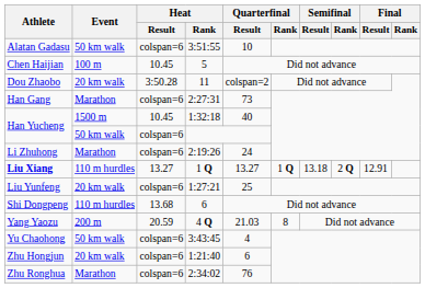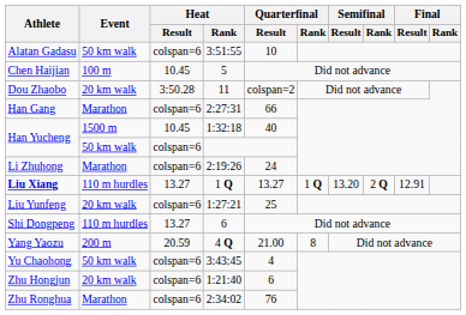 <table class=wikitable style="font-size:90%">
 <tr>
 <th rowspan="2">Athlete</th>
 <th rowspan="2">Event</th>
 <th colspan="2">Heat</th>
 <th colspan="2">Quarterfinal</th>
 <th colspan="2">Semifinal</th>
 <th colspan="2">Final</th>
 </tr>
 <tr style="font-size:95%">
 <th>Result</th>
 <th>Rank</th>
 <th>Result</th>
 <th>Rank</th>
 <th>Result</th>
 <th>Rank</th>
 <th>Result</th>
 <th>Rank</th>
 </tr>
 <tr align=center>
 <td align=left><a href='#'>Alatan Gadasu</a></td>
 <td align=left><a href='#'>50 km walk</a></td>
 <td>colspan=6 </td>
 <td>3:51:55</td>
 <td>10</td>
 </tr>
 <tr align=center>
 <td align=left><a href='#'>Chen Haijian</a></td>
 <td align=left><a href='#'>100 m</a></td>
 <td>10.45</td>
 <td>5</td>
 <td colspan=6>Did not advance</td>
 </tr>
 <tr align=center>
 <td align=left><a href='#'>Dou Zhaobo</a></td>
 <td align=left><a href='#'>20 km walk</a></td>
 <td>3:50.28</td>
 <td>11</td>
 <td>colspan=2 </td>
 <td colspan=4>Did not advance</td>
 </tr>
 <tr align=center>
 <td align=left><a href='#'>Han Gang</a></td>
 <td align=left><a href='#'>Marathon</a></td>
 <td>colspan=6 </td>
 <td>2:27:31</td>
-<td>73</td>
+<td>66</td>
 </tr>
 <tr align=center>
 <td style="text-align:left;" rowspan="2"><a href='#'>Han Yucheng</a></td>
 <td align=left><a href='#'>1500 m</a></td>
 <td>10.45</td>
 <td>1:32:18</td>
 <td>40</td>
 </tr>
 <tr align=center>
 <td align=left><a href='#'>50 km walk</a></td>
 <td>colspan=6 </td>
 <td colspan=2></td>
 </tr>
 <tr align=center>
 <td align=left><a href='#'>Li Zhuhong</a></td>
 <td align=left><a href='#'>Marathon</a></td>
 <td>colspan=6 </td>
 <td>2:19:26</td>
 <td>24</td>
 </tr>
 <tr align=center>
 <td align=left><strong><a href='#'>Liu Xiang</a></strong></td>
 <td align=left><a href='#'>110 m hurdles</a></td>
 <td>13.27</td>
 <td>1 <strong>Q</strong></td>
 <td>13.27</td>
 <td>1 <strong>Q</strong></td>
-<td>13.18</td>
+<td>13.20</td>
 <td>2 <strong>Q</strong></td>
 <td>12.91 </td>
 <td></td>
 </tr>
 <tr align=center>
 <td align=left><a href='#'>Liu Yunfeng</a></td>
 <td align=left><a href='#'>20 km walk</a></td>
 <td>colspan=6 </td>
 <td>1:27:21</td>
 <td>25</td>
 </tr>
 <tr align=center>
 <td align=left><a href='#'>Shi Dongpeng</a></td>
 <td align=left><a href='#'>110 m hurdles</a></td>
-<td>13.68</td>
+<td>13.27</td>
 <td>6</td>
 <td colspan=6>Did not advance</td>
 </tr>
 <tr align=center>
 <td align=left><a href='#'>Yang Yaozu</a></td>
 <td align=left><a href='#'>200 m</a></td>
 <td>20.59</td>
 <td>4 <strong>Q</strong></td>
-<td>21.03</td>
+<td>21.00</td>
 <td>8</td>
 <td colspan=4>Did not advance</td>
 </tr>
 <tr align=center>
 <td align=left><a href='#'>Yu Chaohong</a></td>
 <td align=left><a href='#'>50 km walk</a></td>
 <td>colspan=6 </td>
 <td>3:43:45</td>
 <td>4</td>
 </tr>
 <tr align=center>
 <td align=left><a href='#'>Zhu Hongjun</a></td>
 <td align=left><a href='#'>20 km walk</a></td>
 <td>colspan=6 </td>
 <td>1:21:40</td>
 <td>6</td>
 </tr>
 <tr align=center>
 <td align=left><a href='#'>Zhu Ronghua</a></td>
 <td align=left><a href='#'>Marathon</a></td>
 <td>colspan=6 </td>
 <td>2:34:02</td>
 <td>76</td>
 </tr>
 </table>
